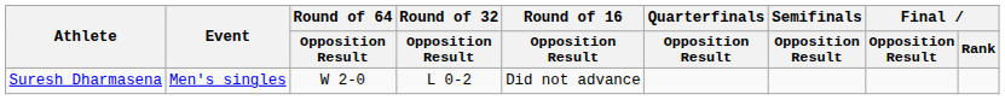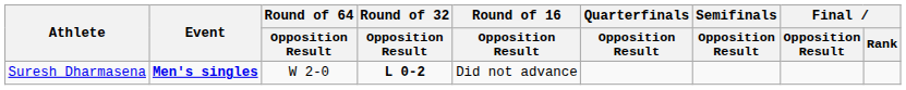 <table class=wikitable style=font-size:90%;text-align:center>
 <tr>
 <th rowspan=2>Athlete</th>
 <th rowspan=2>Event</th>
 <th>Round of 64</th>
 <th>Round of 32</th>
 <th>Round of 16</th>
 <th>Quarterfinals</th>
 <th>Semifinals</th>
 <th colspan=2>Final / </th>
 </tr>
 <tr style=font-size:95%>
 <th>Opposition<br>Result</th>
 <th>Opposition<br>Result</th>
 <th>Opposition<br>Result</th>
 <th>Opposition<br>Result</th>
 <th>Opposition<br>Result</th>
 <th>Opposition<br>Result</th>
 <th>Rank</th>
 </tr>
 <tr>
 <td align=left><a href='#'>Suresh Dharmasena</a></td>
-<td align=left><a href='#'>Men's singles</a></td>
+<td align=left><strong><a href='#'>Men's singles</a></strong></td>
 <td>W 2-0</td>
-<td>L 0-2</td>
+<td><strong>L 0-2</strong></td>
 <td>Did not advance</td>
 <td></td>
 <td></td>
 <td></td>
 </tr>
 </table>
